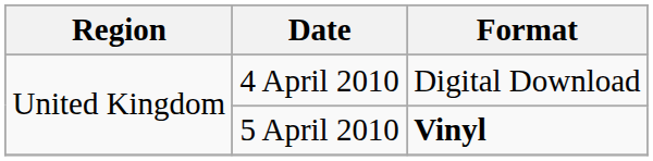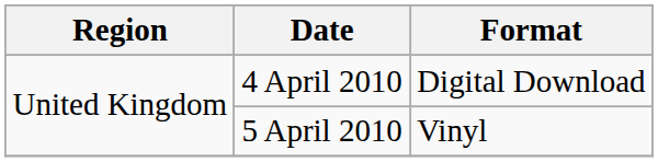 <table class=wikitable>
 <tr>
 <th>Region</th>
 <th>Date</th>
 <th>Format</th>
 </tr>
 <tr>
 <td align="center" rowspan="2">United Kingdom</td>
 <td>4 April 2010</td>
 <td>Digital Download</td>
 </tr>
 <tr>
 <td>5 April 2010</td>
-<td><strong>Vinyl</strong></td>
+<td>Vinyl</td>
 </tr>
 <tr>
 </tr>
 </table>
